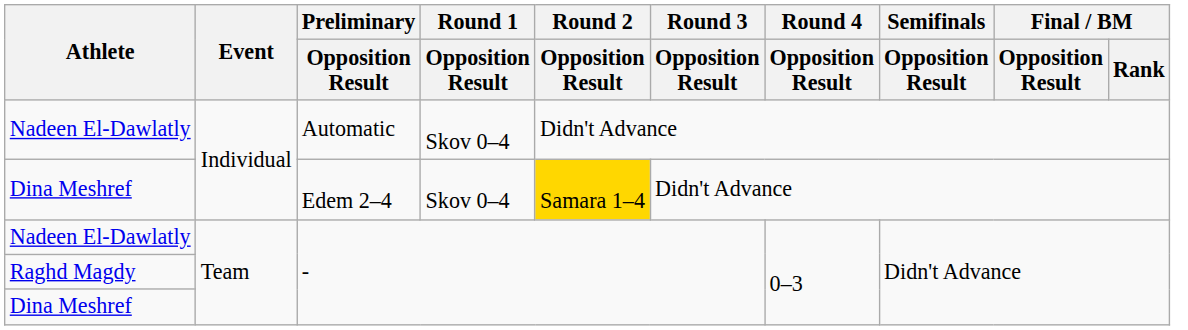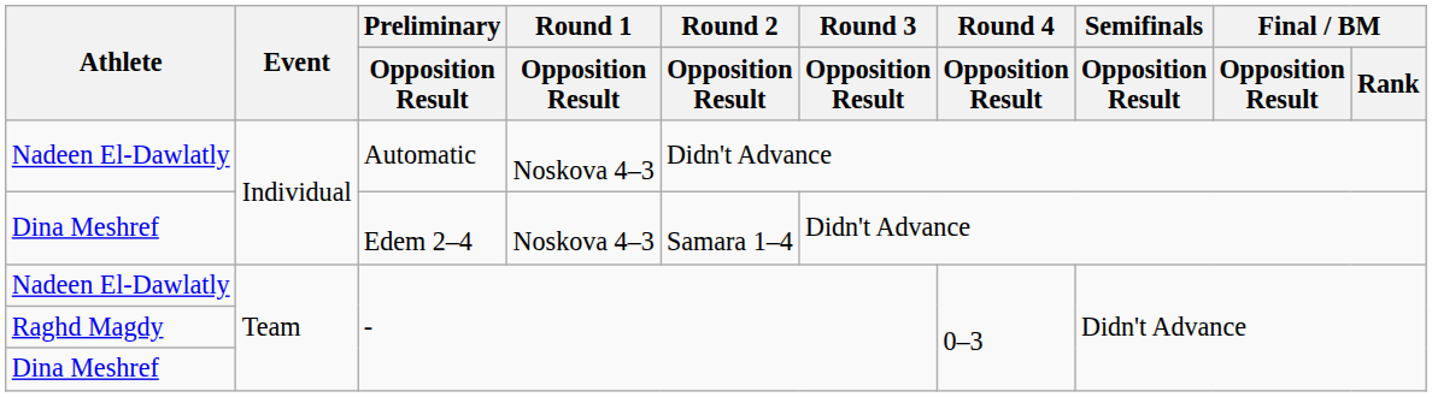 <table class="wikitable">
 <tr>
 <th rowspan="2">Athlete</th>
 <th rowspan="2">Event</th>
 <th>Preliminary</th>
 <th>Round 1</th>
 <th>Round 2</th>
 <th>Round 3</th>
 <th>Round 4</th>
 <th>Semifinals</th>
 <th colspan="2">Final / <abbr>BM</abbr></th>
 </tr>
 <tr>
 <th>Opposition<br>Result</th>
 <th>Opposition<br>Result</th>
 <th>Opposition<br>Result</th>
 <th>Opposition<br>Result</th>
 <th>Opposition<br>Result</th>
 <th>Opposition<br>Result</th>
 <th>Opposition<br>Result</th>
 <th>Rank</th>
 </tr>
 <tr>
 <td><a href='#'>Nadeen El-Dawlatly</a></td>
 <td rowspan="2">Individual</td>
 <td>Automatic</td>
-<td><br>Skov 0–4</td>
+<td><br>Noskova 4–3</td>
 <td colspan="6">Didn't Advance</td>
 </tr>
 <tr>
 <td><a href='#'>Dina Meshref</a></td>
 <td><br>Edem 2–4</td>
-<td><br>Skov 0–4</td>
-<td style="background: gold;"><br>Samara 1–4</td>
+<td><br>Noskova 4–3</td>
+<td><br>Samara 1–4</td>
 <td colspan="5">Didn't Advance</td>
 </tr>
 <tr>
 <td><a href='#'>Nadeen El-Dawlatly</a></td>
 <td rowspan="3">Team</td>
 <td colspan="4" rowspan="3">-</td>
 <td rowspan="3"><br>0–3</td>
 <td colspan="3" rowspan="3">Didn't Advance</td>
 </tr>
 <tr>
 <td><a href='#'>Raghd Magdy</a></td>
 </tr>
 <tr>
 <td><a href='#'>Dina Meshref</a></td>
 </tr>
 </table>
